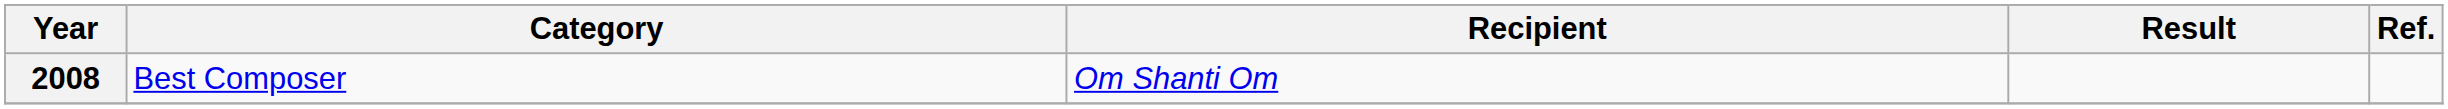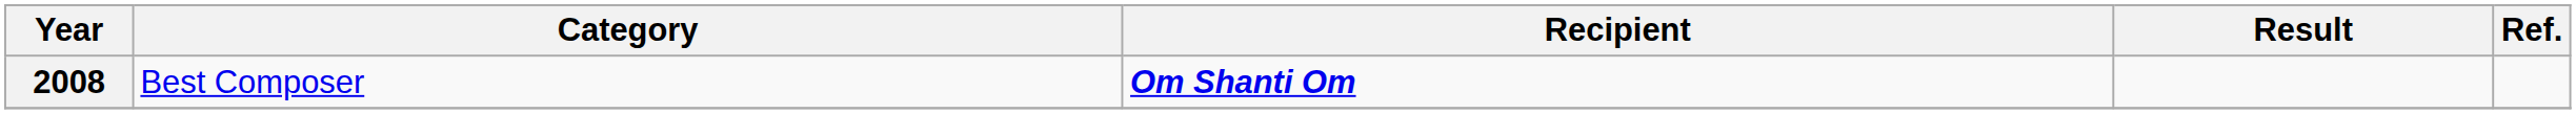 <table class="wikitable plainrowheaders" width="100%" "textcolor:#000;">
 <tr>
 <th scope="col" width=5%>Year</th>
 <th scope="col" width=39%>Category</th>
 <th scope="col" width=39%>Recipient</th>
 <th scope="col" width=15%>Result</th>
 <th scope="col" width=2%>Ref.</th>
 </tr>
 <tr>
 <th scope="row">2008</th>
 <td><a href='#'>Best Composer</a></td>
-<td><em><a href='#'>Om Shanti Om</a></em></td>
+<td><strong><em><a href='#'>Om Shanti Om</a></em></strong></td>
 <td></td>
 <td></td>
 </tr>
 <tr>
 </tr>
 </table>
